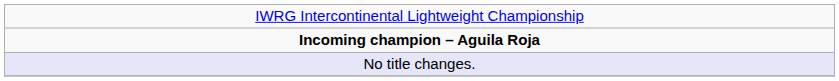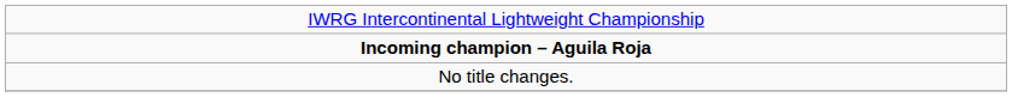 <table class="wikitable" style="text-align:center; width:100%;">
 <tr>
 <td colspan="4" style="text-align: center;"><a href='#'>IWRG Intercontinental Lightweight Championship</a></td>
 </tr>
 <tr>
 <td colspan="4" style="text-align: center;"><strong>Incoming champion – Aguila Roja</strong></td>
 </tr>
 <tr>
-<td style="background: lavender;">No title changes.</td>
+<td>No title changes.</td>
 </tr>
 <tr>
 </tr>
 </table>
